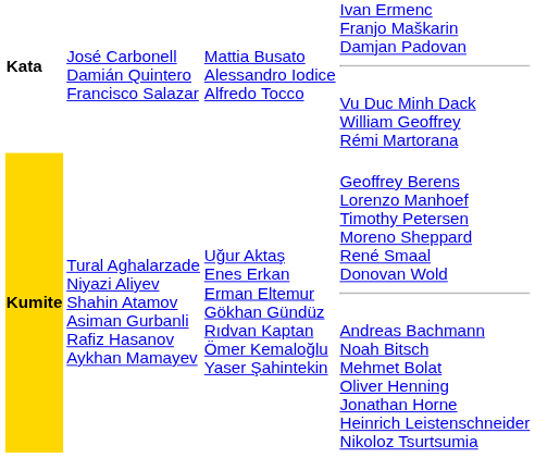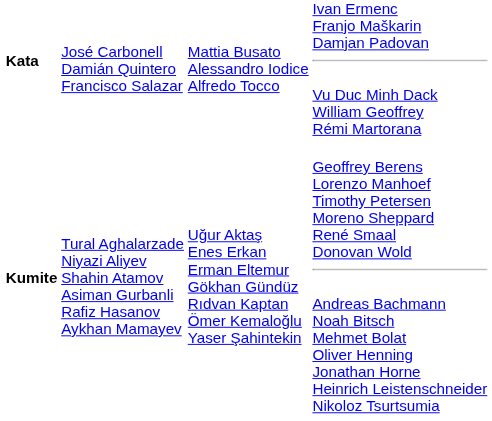 <table>
 <tr>
 <td><strong>Kata</strong></td>
 <td><br><a href='#'>José Carbonell</a><br><a href='#'>Damián Quintero</a><br><a href='#'>Francisco Salazar</a></td>
 <td><br><a href='#'>Mattia Busato</a><br><a href='#'>Alessandro Iodice</a><br><a href='#'>Alfredo Tocco</a></td>
 <td><br><a href='#'>Ivan Ermenc</a><br><a href='#'>Franjo Maškarin</a><br><a href='#'>Damjan Padovan</a><hr><br><a href='#'>Vu Duc Minh Dack</a><br><a href='#'>William Geoffrey</a><br><a href='#'>Rémi Martorana</a></td>
 </tr>
 <tr>
-<td style="background: gold;"><strong>Kumite</strong></td>
+<td><strong>Kumite</strong></td>
 <td><br><a href='#'>Tural Aghalarzade</a><br><a href='#'>Niyazi Aliyev</a><br><a href='#'>Shahin Atamov</a><br><a href='#'>Asiman Gurbanli</a><br><a href='#'>Rafiz Hasanov</a><br><a href='#'>Aykhan Mamayev</a></td>
 <td><br><a href='#'>Uğur Aktaş</a><br><a href='#'>Enes Erkan</a><br><a href='#'>Erman Eltemur</a><br><a href='#'>Gökhan Gündüz</a><br><a href='#'>Rıdvan Kaptan</a><br><a href='#'>Ömer Kemaloğlu</a><br><a href='#'>Yaser Şahintekin</a></td>
 <td><br><a href='#'>Geoffrey Berens</a><br><a href='#'>Lorenzo Manhoef</a><br><a href='#'>Timothy Petersen</a><br><a href='#'>Moreno Sheppard</a><br><a href='#'>René Smaal</a><br><a href='#'>Donovan Wold</a><hr><br><a href='#'>Andreas Bachmann</a><br><a href='#'>Noah Bitsch</a><br><a href='#'>Mehmet Bolat</a><br><a href='#'>Oliver Henning</a><br><a href='#'>Jonathan Horne</a><br><a href='#'>Heinrich Leistenschneider</a><br><a href='#'>Nikoloz Tsurtsumia</a></td>
 </tr>
 </table>
